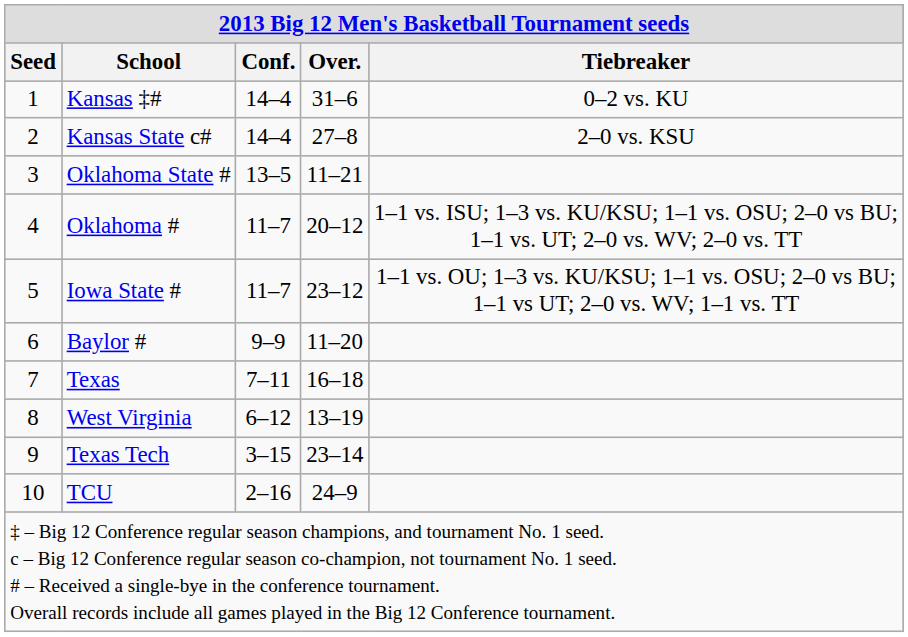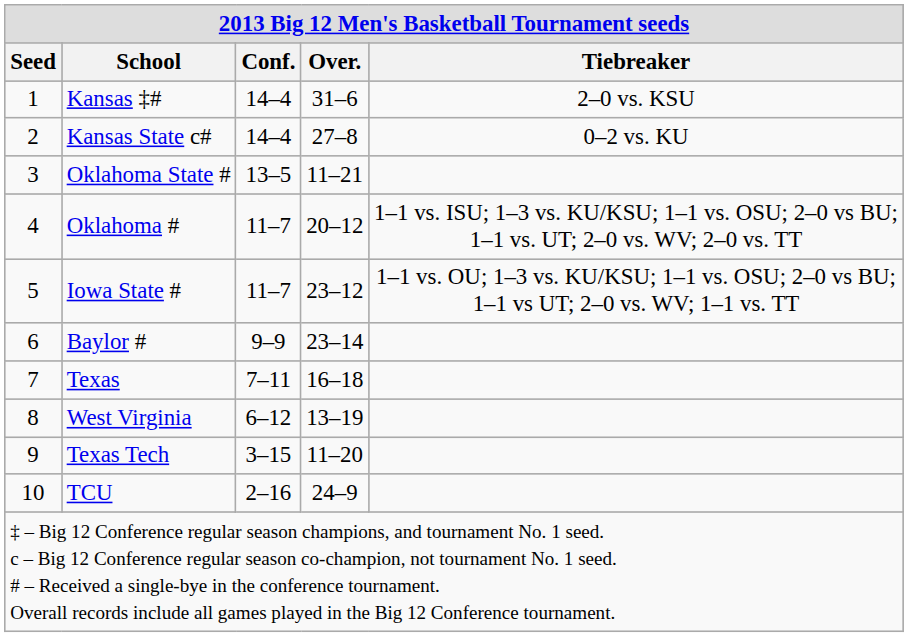 <table class="wikitable" style="white-space:nowrap; font-size:90%;text-align:center">
 <tr>
 <td colspan="10" style="text-align:center; background:#DDDDDD; font:#000000"><strong><a href='#'>2013 Big 12 Men's Basketball Tournament seeds</a></strong></td>
 </tr>
 <tr bgcolor="#efefef">
 <th>Seed</th>
 <th>School</th>
 <th>Conf.</th>
 <th>Over.</th>
 <th>Tiebreaker</th>
 </tr>
 <tr>
 <td>1</td>
 <td align=left><a href='#'>Kansas</a> ‡#</td>
 <td>14–4</td>
 <td>31–6</td>
-<td>0–2 vs. KU</td>
+<td>2–0 vs. KSU</td>
 </tr>
 <tr>
 <td>2</td>
 <td align=left><a href='#'>Kansas State</a> c#</td>
 <td>14–4</td>
 <td>27–8</td>
-<td>2–0 vs. KSU</td>
+<td>0–2 vs. KU</td>
 </tr>
 <tr>
 <td>3</td>
 <td align=left><a href='#'>Oklahoma State</a> #</td>
 <td>13–5</td>
 <td>11–21</td>
 <td></td>
 </tr>
 <tr>
 <td>4</td>
 <td align=left><a href='#'>Oklahoma</a> #</td>
 <td>11–7</td>
 <td>20–12</td>
 <td>1–1 vs. ISU; 1–3 vs. KU/KSU; 1–1 vs. OSU; 2–0 vs BU;<br>1–1 vs. UT; 2–0 vs. WV; 2–0 vs. TT</td>
 </tr>
 <tr>
 <td>5</td>
 <td align=left><a href='#'>Iowa State</a> #</td>
 <td>11–7</td>
 <td>23–12</td>
 <td>1–1 vs. OU; 1–3 vs. KU/KSU; 1–1 vs. OSU; 2–0 vs BU;<br>1–1 vs UT; 2–0 vs. WV; 1–1 vs. TT</td>
 </tr>
 <tr>
 <td>6</td>
 <td align=left><a href='#'>Baylor</a> #</td>
 <td>9–9</td>
-<td>11–20</td>
+<td>23–14</td>
 <td></td>
 </tr>
 <tr>
 <td>7</td>
 <td align=left><a href='#'>Texas</a></td>
 <td>7–11</td>
 <td>16–18</td>
 <td></td>
 </tr>
 <tr>
 <td>8</td>
 <td align=left><a href='#'>West Virginia</a></td>
 <td>6–12</td>
 <td>13–19</td>
 <td></td>
 </tr>
 <tr>
 <td>9</td>
 <td align=left><a href='#'>Texas Tech</a></td>
 <td>3–15</td>
-<td>23–14</td>
+<td>11–20</td>
 <td></td>
 </tr>
 <tr>
 <td>10</td>
 <td align=left><a href='#'>TCU</a></td>
 <td>2–16</td>
 <td>24–9</td>
 <td></td>
 </tr>
 <tr>
 <td colspan="10" style="text-align:left;"><small>‡ – Big 12 Conference regular season champions, and tournament No. 1 seed.<br>c – Big 12 Conference regular season co-champion, not tournament No. 1 seed.<br># – Received a single-bye in the conference tournament.<br>Overall records include all games played in the Big 12 Conference tournament.</small></td>
 </tr>
 </table>
